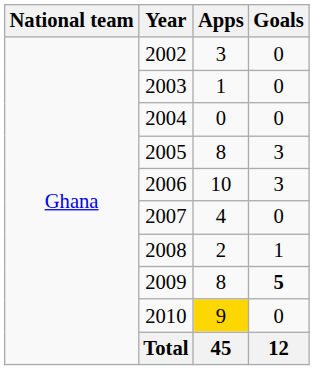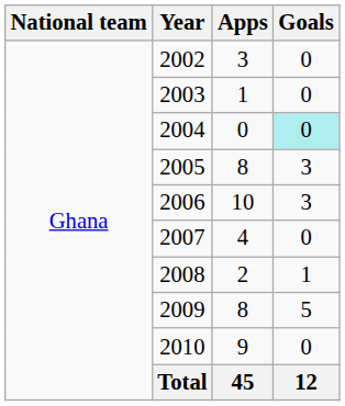 <table class="wikitable" style="text-align:center">
 <tr>
 <th>National team</th>
 <th>Year</th>
 <th>Apps</th>
 <th>Goals</th>
 </tr>
 <tr>
 <td rowspan="10"><a href='#'>Ghana</a></td>
 <td>2002</td>
 <td>3</td>
 <td>0</td>
 </tr>
 <tr>
 <td>2003</td>
 <td>1</td>
 <td>0</td>
 </tr>
 <tr>
 <td>2004</td>
 <td>0</td>
-<td>0</td>
+<td style="background: paleturquoise;">0</td>
 </tr>
 <tr>
 <td>2005</td>
 <td>8</td>
 <td>3</td>
 </tr>
 <tr>
 <td>2006</td>
 <td>10</td>
 <td>3</td>
 </tr>
 <tr>
 <td>2007</td>
 <td>4</td>
 <td>0</td>
 </tr>
 <tr>
 <td>2008</td>
 <td>2</td>
 <td>1</td>
 </tr>
 <tr>
 <td>2009</td>
 <td>8</td>
-<td><strong>5</strong></td>
+<td>5</td>
 </tr>
 <tr>
 <td>2010</td>
-<td style="background: gold;">9</td>
+<td>9</td>
 <td>0</td>
 </tr>
 <tr>
 <th>Total</th>
 <th>45</th>
 <th>12</th>
 </tr>
 </table>
